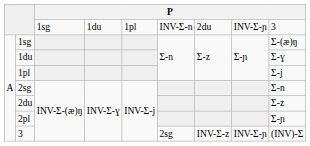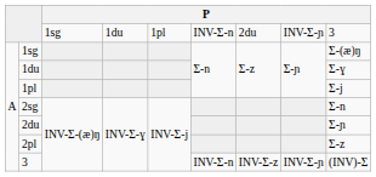 <table class="wikitable">
 <tr>
 <th rowspan="2" colspan="2" style="background-color:#efefef;"></th>
 <th colspan="7" style="text-align: center;">P</th>
 </tr>
 <tr>
 <td>1sg</td>
 <td>1du</td>
 <td>1pl</td>
 <td>INV-Σ-n</td>
 <td>2du</td>
 <td>INV-Σ-ɲ</td>
 <td>3</td>
 </tr>
 <tr>
 <td rowspan="7" style="text-align: center;">A</td>
 <td>1sg</td>
 <td style="background-color:#efefef;"></td>
 <td style="background-color:#efefef;"></td>
 <td style="background-color:#efefef;"></td>
 <td rowspan="3">Σ-n</td>
 <td rowspan="3">Σ-z</td>
 <td rowspan="3">Σ-ɲ</td>
 <td>Σ-(æ)ŋ</td>
 </tr>
 <tr>
 <td>1du</td>
 <td style="background-color:#efefef;"></td>
 <td style="background-color:#efefef;"></td>
 <td style="background-color:#efefef;"></td>
 <td>Σ-ɣ</td>
 </tr>
 <tr>
 <td>1pl</td>
 <td style="background-color:#efefef;"></td>
 <td style="background-color:#efefef;"></td>
 <td style="background-color:#efefef;"></td>
 <td>Σ-j</td>
 </tr>
 <tr>
 <td>2sg</td>
 <td rowspan="4">INV-Σ-(æ)ŋ</td>
 <td rowspan="4">INV-Σ-ɣ</td>
 <td rowspan="4">INV-Σ-j</td>
 <td style="background-color:#efefef;"></td>
 <td style="background-color:#efefef;"></td>
 <td style="background-color:#efefef;"></td>
 <td>Σ-n</td>
 </tr>
 <tr>
 <td>2du</td>
 <td style="background-color:#efefef;"></td>
 <td style="background-color:#efefef;"></td>
 <td style="background-color:#efefef;"></td>
-<td>Σ-z</td>
+<td>Σ-ɲ</td>
 </tr>
 <tr>
 <td>2pl</td>
 <td style="background-color:#efefef;"></td>
 <td style="background-color:#efefef;"></td>
 <td style="background-color:#efefef;"></td>
-<td>Σ-ɲ</td>
+<td>Σ-z</td>
 </tr>
 <tr>
 <td>3</td>
-<td>2sg</td>
+<td>INV-Σ-n</td>
 <td>INV-Σ-z</td>
 <td>INV-Σ-ɲ</td>
 <td>(INV)-Σ</td>
 </tr>
 </table>
